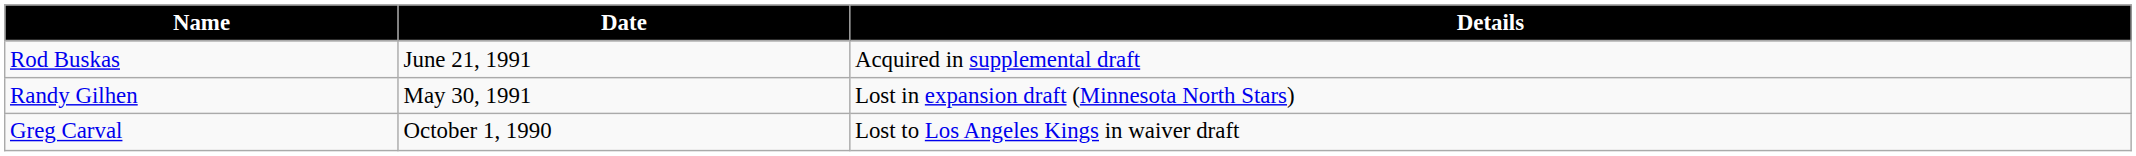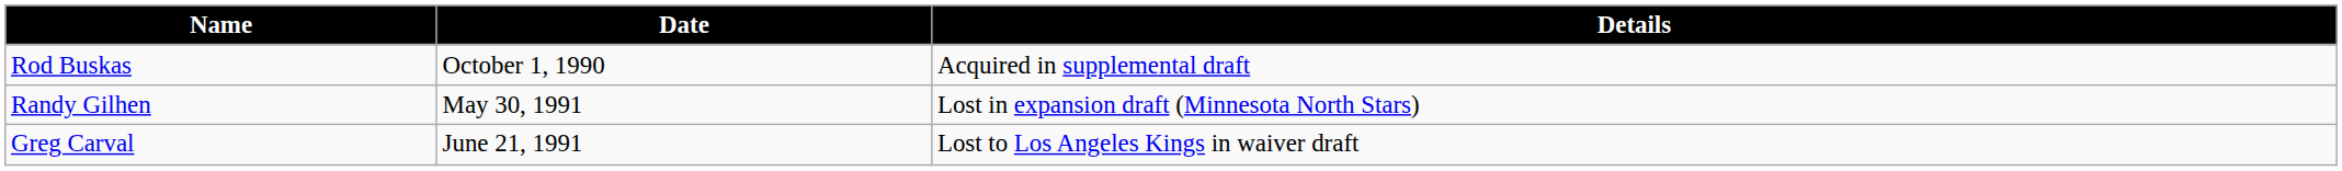 <table class="wikitable" style="width:75%;">
 <tr style="text-align:center; background:#ddd;">
 <th style="color:white; background:#000000; ">Name</th>
 <th style="color:white; background:#000000; ">Date</th>
 <th style="color:white; background:#000000; ">Details</th>
 </tr>
 <tr>
 <td><a href='#'>Rod Buskas</a></td>
-<td>June 21, 1991</td>
+<td>October 1, 1990</td>
 <td>Acquired in <a href='#'>supplemental draft</a></td>
 </tr>
 <tr>
 <td><a href='#'>Randy Gilhen</a></td>
 <td>May 30, 1991</td>
 <td>Lost in <a href='#'>expansion draft</a> (<a href='#'>Minnesota North Stars</a>)</td>
 </tr>
 <tr>
 <td><a href='#'>Greg Carval</a></td>
-<td>October 1, 1990</td>
+<td>June 21, 1991</td>
 <td>Lost to <a href='#'>Los Angeles Kings</a> in waiver draft</td>
 </tr>
 </table>
